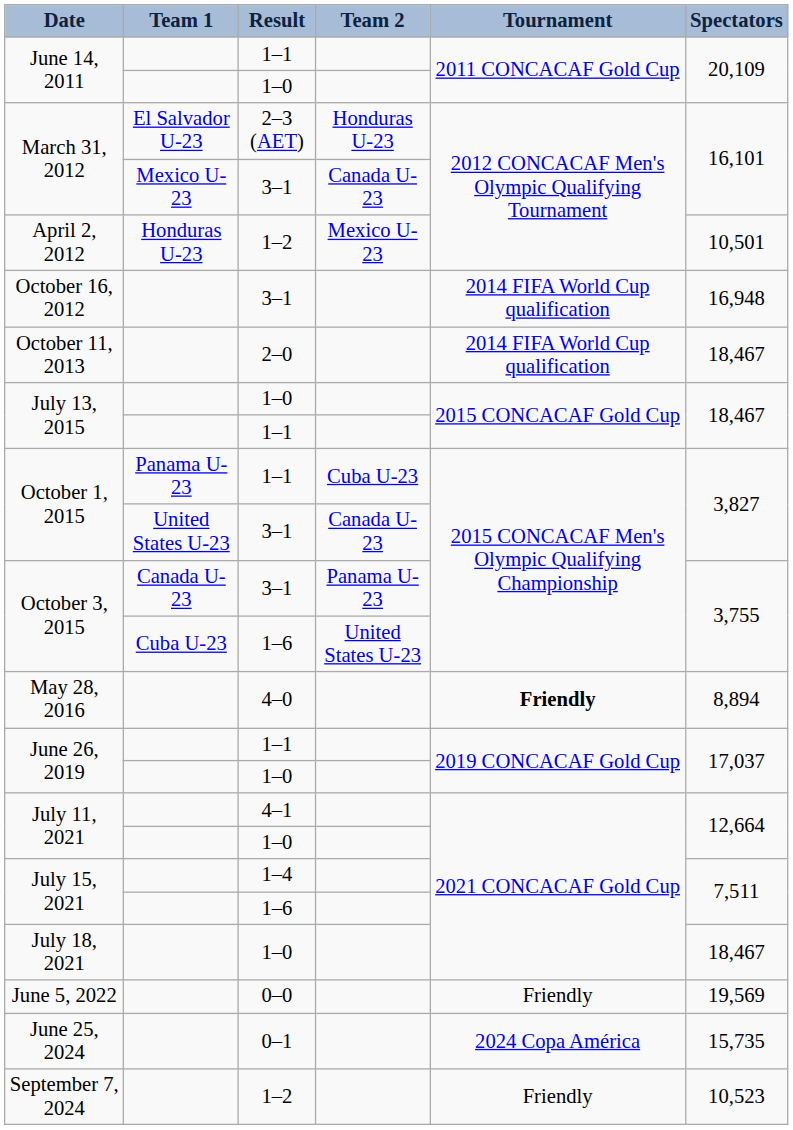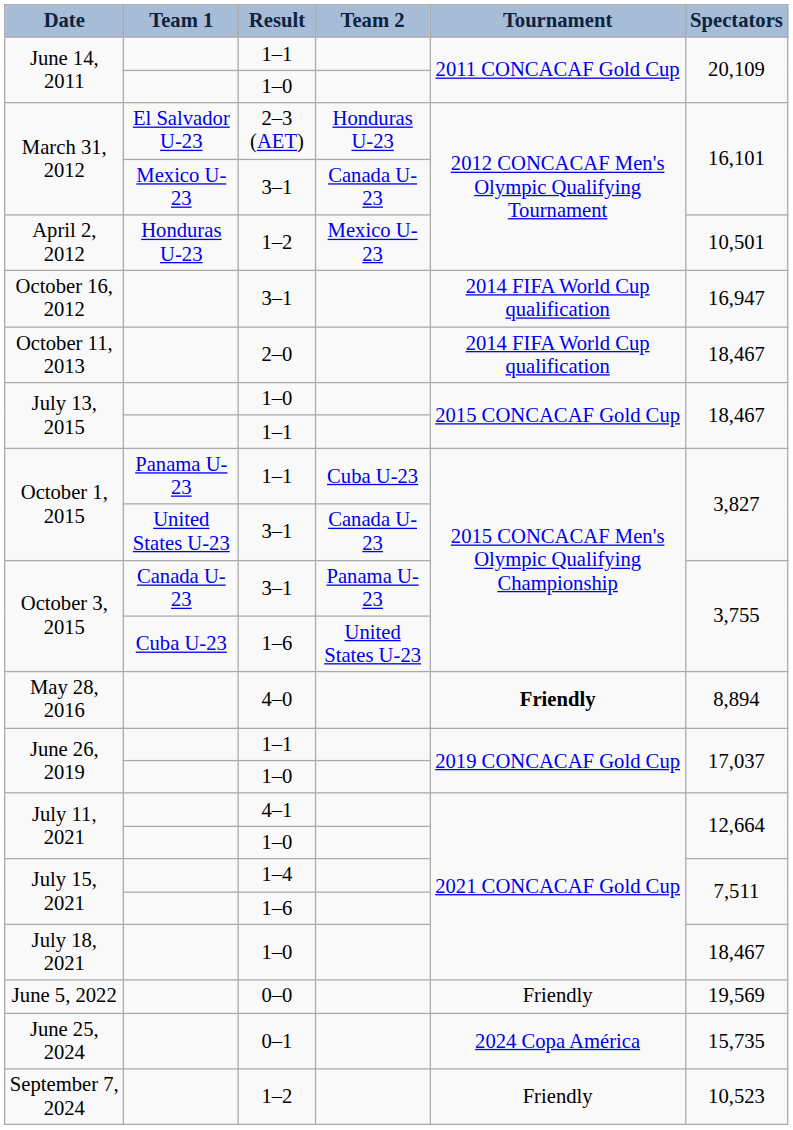 <table class="wikitable" style="text-align:center">
 <tr>
 <th style="text-align:center; background:#A7BCD6; color:#0C2340; ">Date</th>
 <th style="text-align:center; background:#A7BCD6; color:#0C2340; ">Team 1</th>
 <th style="text-align:center; background:#A7BCD6; color:#0C2340; ">Result</th>
 <th style="text-align:center; background:#A7BCD6; color:#0C2340; ">Team 2</th>
 <th style="text-align:center; background:#A7BCD6; color:#0C2340; ">Tournament</th>
 <th style="text-align:center; background:#A7BCD6; color:#0C2340; ">Spectators</th>
 </tr>
 <tr>
 <td rowspan="2">June 14, 2011</td>
 <td></td>
 <td style="text-align:center;">1–1</td>
 <td></td>
 <td rowspan="2"><a href='#'>2011 CONCACAF Gold Cup</a></td>
 <td rowspan=2 style="text-align:center;">20,109</td>
 </tr>
 <tr>
 <td></td>
 <td style="text-align:center;">1–0</td>
 <td></td>
 </tr>
 <tr>
 <td rowspan="2">March 31, 2012</td>
 <td> <a href='#'>El Salvador U-23</a></td>
 <td style="text-align:center;">2–3 (<a href='#'>AET</a>)</td>
 <td> <a href='#'>Honduras U-23</a></td>
 <td rowspan="3"><a href='#'>2012 CONCACAF Men's Olympic Qualifying Tournament</a></td>
 <td rowspan=2 style="text-align:center;">16,101</td>
 </tr>
 <tr>
 <td> <a href='#'>Mexico U-23</a></td>
 <td style="text-align:center;">3–1</td>
 <td> <a href='#'>Canada U-23</a></td>
 </tr>
 <tr>
 <td>April 2, 2012</td>
 <td> <a href='#'>Honduras U-23</a></td>
 <td style="text-align:center;">1–2</td>
 <td> <a href='#'>Mexico U-23</a></td>
 <td style="text-align:center;">10,501</td>
 </tr>
 <tr>
 <td>October 16, 2012</td>
 <td></td>
 <td style="text-align:center;">3–1</td>
 <td></td>
 <td><a href='#'>2014 FIFA World Cup qualification</a></td>
-<td style="text-align:center;">16,948</td>
+<td style="text-align:center;">16,947</td>
 </tr>
 <tr>
 <td>October 11, 2013</td>
 <td></td>
 <td style="text-align:center;">2–0</td>
 <td></td>
 <td><a href='#'>2014 FIFA World Cup qualification</a></td>
 <td style="text-align:center;">18,467</td>
 </tr>
 <tr>
 <td rowspan="2">July 13, 2015</td>
 <td></td>
 <td style="text-align:center;">1–0</td>
 <td></td>
 <td rowspan="2"><a href='#'>2015 CONCACAF Gold Cup</a></td>
 <td rowspan=2 style="text-align:center;">18,467</td>
 </tr>
 <tr>
 <td></td>
 <td style="text-align:center;">1–1</td>
 <td></td>
 </tr>
 <tr>
 <td rowspan="2">October 1, 2015</td>
 <td> <a href='#'>Panama U-23</a></td>
 <td style="text-align:center;">1–1</td>
 <td> <a href='#'>Cuba U-23</a></td>
 <td rowspan="4"><a href='#'>2015 CONCACAF Men's Olympic Qualifying Championship</a></td>
 <td rowspan=2 style="text-align:center;">3,827</td>
 </tr>
 <tr>
 <td> <a href='#'>United States U-23</a></td>
 <td style="text-align:center;">3–1</td>
 <td> <a href='#'>Canada U-23</a></td>
 </tr>
 <tr>
 <td rowspan="2">October 3, 2015</td>
 <td> <a href='#'>Canada U-23</a></td>
 <td style="text-align:center;">3–1</td>
 <td> <a href='#'>Panama U-23</a></td>
 <td rowspan=2 style="text-align:center;">3,755</td>
 </tr>
 <tr>
 <td> <a href='#'>Cuba U-23</a></td>
 <td style="text-align:center;">1–6</td>
 <td> <a href='#'>United States U-23</a></td>
 </tr>
 <tr>
 <td>May 28, 2016</td>
 <td></td>
 <td style="text-align:center;">4–0</td>
 <td></td>
 <td><strong>Friendly</strong></td>
 <td style="text-align:center;">8,894</td>
 </tr>
 <tr>
 <td rowspan="2">June 26, 2019</td>
 <td></td>
 <td style="text-align:center;">1–1</td>
 <td></td>
 <td rowspan="2"><a href='#'>2019 CONCACAF Gold Cup</a></td>
 <td rowspan=2 style="text-align:center;">17,037</td>
 </tr>
 <tr>
 <td></td>
 <td style="text-align:center;">1–0</td>
 <td></td>
 </tr>
 <tr>
 <td rowspan="2">July 11, 2021</td>
 <td></td>
 <td style="text-align:center;">4–1</td>
 <td></td>
 <td rowspan="5"><a href='#'>2021 CONCACAF Gold Cup</a></td>
 <td rowspan=2 style="text-align:center;">12,664</td>
 </tr>
 <tr>
 <td></td>
 <td style="text-align:center;">1–0</td>
 <td></td>
 </tr>
 <tr>
 <td rowspan="2">July 15, 2021</td>
 <td></td>
 <td style="text-align:center;">1–4</td>
 <td></td>
 <td rowspan=2 style="text-align:center;">7,511</td>
 </tr>
 <tr>
 <td></td>
 <td style="text-align:center;">1–6</td>
 <td></td>
 </tr>
 <tr>
 <td>July 18, 2021</td>
 <td></td>
 <td style="text-align:center;">1–0</td>
 <td></td>
 <td style="text-align:center;">18,467</td>
 </tr>
 <tr>
 <td>June 5, 2022</td>
 <td></td>
 <td style="text-align:center;">0–0</td>
 <td></td>
 <td>Friendly</td>
 <td style="text-align:center;">19,569</td>
 </tr>
 <tr>
 <td>June 25, 2024</td>
 <td></td>
 <td style="text-align:center;">0–1</td>
 <td></td>
 <td><a href='#'>2024 Copa América</a></td>
 <td style="text-align:center;">15,735</td>
 </tr>
 <tr>
 <td>September 7, 2024</td>
 <td></td>
 <td style="text-align:center;">1–2</td>
 <td></td>
 <td>Friendly</td>
 <td style="text-align:center;">10,523</td>
 </tr>
 </table>
